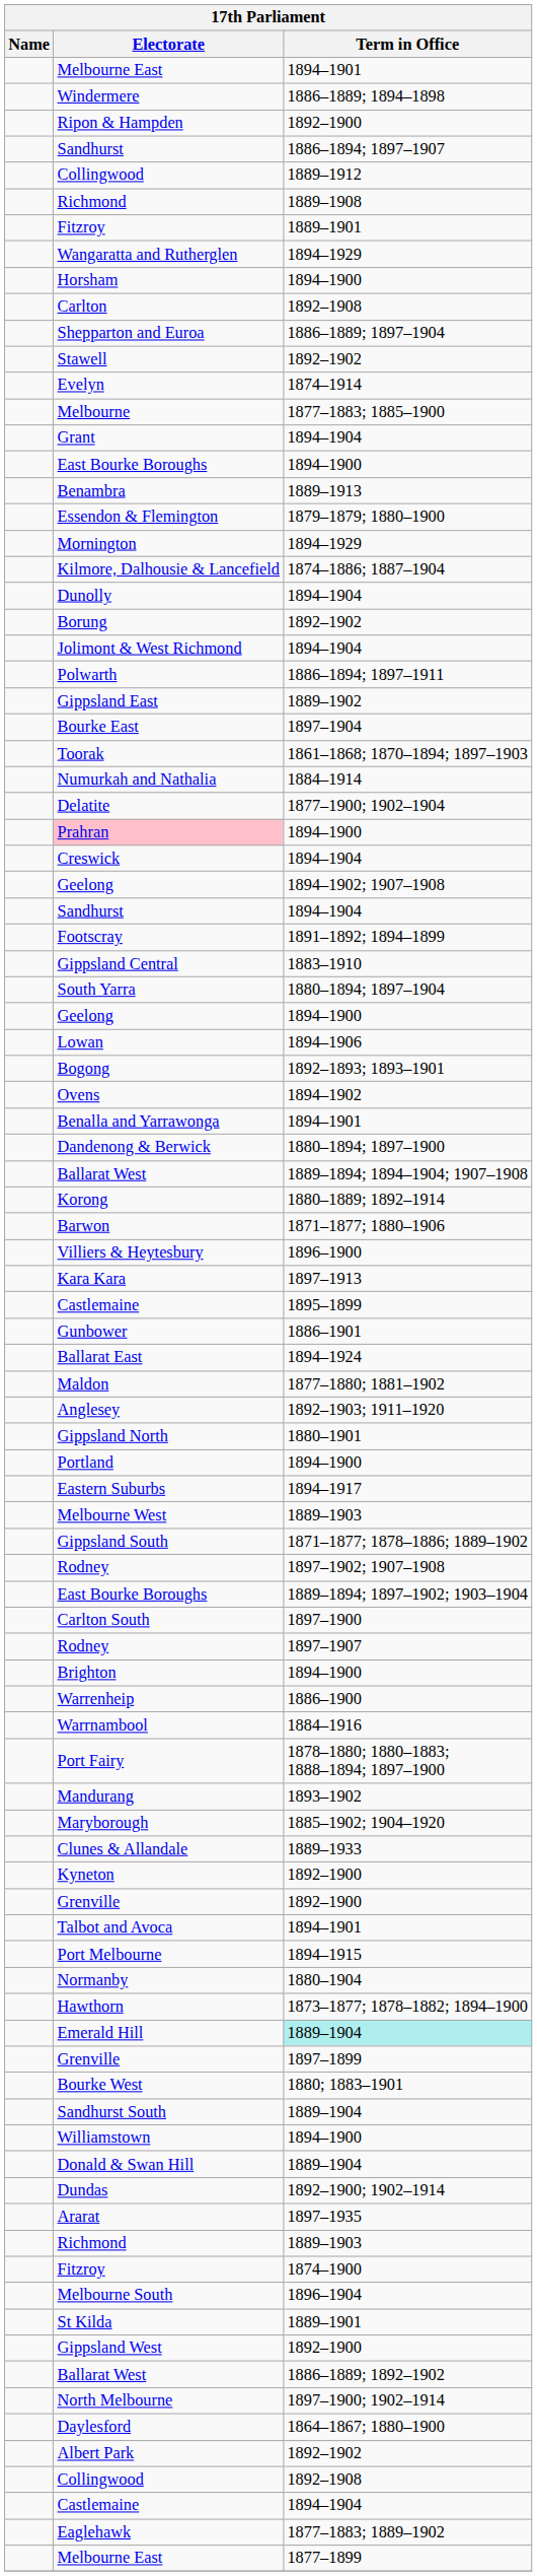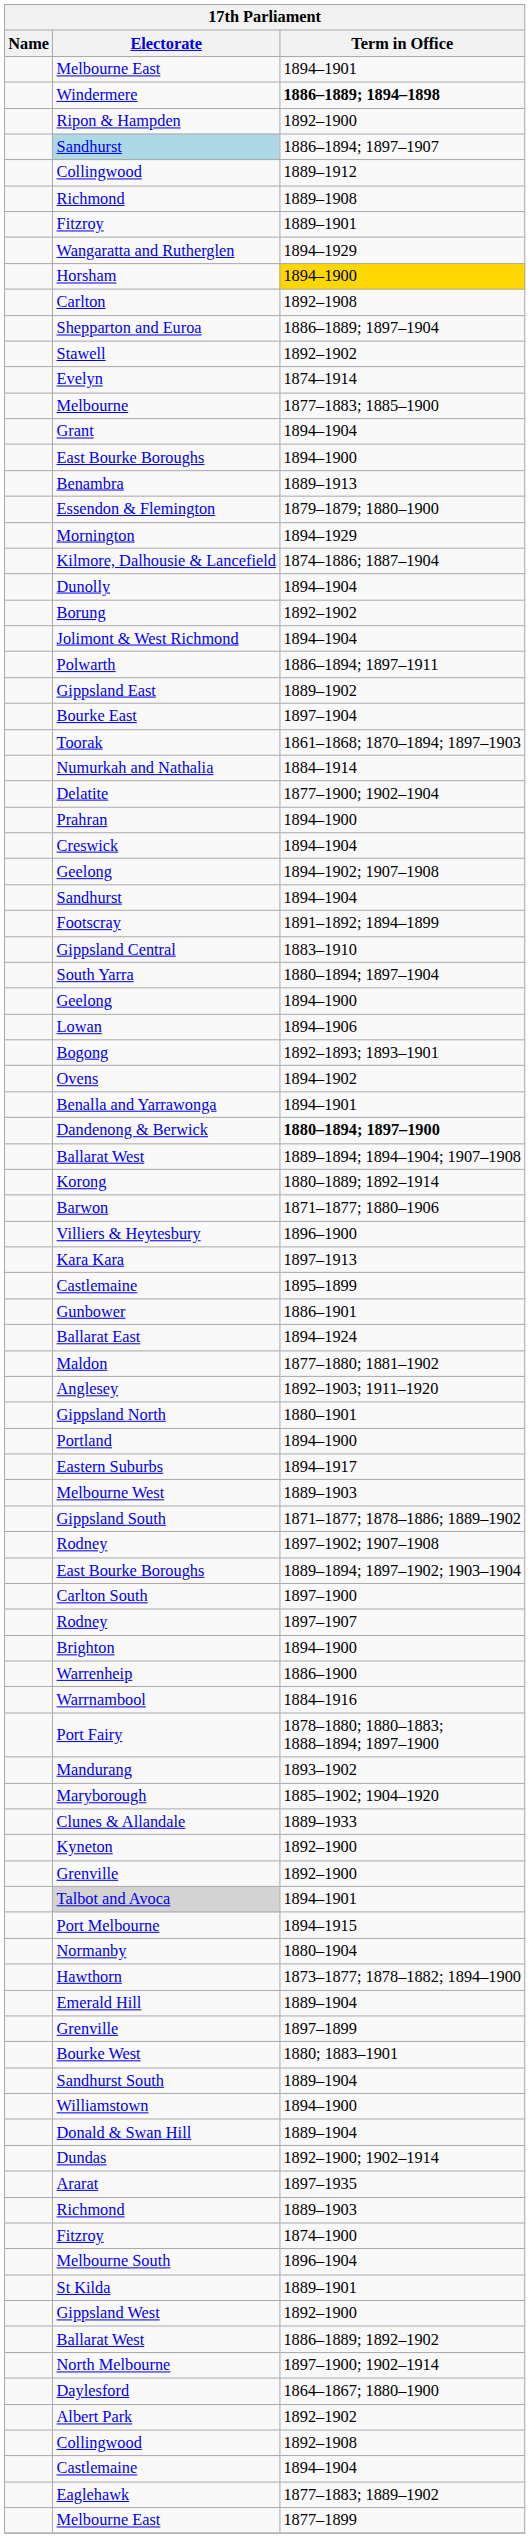 <table class="wikitable sortable">
 <tr>
 <th colspan= 4>17th Parliament</th>
 </tr>
 <tr>
 <th>Name</th>
 <th><a href='#'>Electorate</a></th>
 <th>Term in Office</th>
 </tr>
 <tr>
 <td></td>
 <td><a href='#'>Melbourne East</a></td>
 <td>1894–1901</td>
 </tr>
 <tr>
 <td> </td>
 <td><a href='#'>Windermere</a></td>
-<td>1886–1889; 1894–1898</td>
+<td><strong>1886–1889; 1894–1898</strong></td>
 </tr>
 <tr>
 <td></td>
 <td><a href='#'>Ripon & Hampden</a></td>
 <td>1892–1900</td>
 </tr>
 <tr>
 <td></td>
-<td><a href='#'>Sandhurst</a></td>
+<td style="background: lightblue;"><a href='#'>Sandhurst</a></td>
 <td>1886–1894; 1897–1907</td>
 </tr>
 <tr>
 <td></td>
 <td><a href='#'>Collingwood</a></td>
 <td>1889–1912</td>
 </tr>
 <tr>
 <td></td>
 <td><a href='#'>Richmond</a></td>
 <td>1889–1908</td>
 </tr>
 <tr>
 <td></td>
 <td><a href='#'>Fitzroy</a></td>
 <td>1889–1901</td>
 </tr>
 <tr>
 <td></td>
 <td><a href='#'>Wangaratta and Rutherglen</a></td>
 <td>1894–1929</td>
 </tr>
 <tr>
 <td></td>
 <td><a href='#'>Horsham</a></td>
-<td>1894–1900</td>
+<td style="background: gold;">1894–1900</td>
 </tr>
 <tr>
 <td></td>
 <td><a href='#'>Carlton</a></td>
 <td>1892–1908</td>
 </tr>
 <tr>
 <td></td>
 <td><a href='#'>Shepparton and Euroa</a></td>
 <td>1886–1889; 1897–1904</td>
 </tr>
 <tr>
 <td></td>
 <td><a href='#'>Stawell</a></td>
 <td>1892–1902</td>
 </tr>
 <tr>
 <td></td>
 <td><a href='#'>Evelyn</a></td>
 <td>1874–1914</td>
 </tr>
 <tr>
 <td></td>
 <td><a href='#'>Melbourne</a></td>
 <td>1877–1883; 1885–1900</td>
 </tr>
 <tr>
 <td></td>
 <td><a href='#'>Grant</a></td>
 <td>1894–1904</td>
 </tr>
 <tr>
 <td></td>
 <td><a href='#'>East Bourke Boroughs</a></td>
 <td>1894–1900</td>
 </tr>
 <tr>
 <td></td>
 <td><a href='#'>Benambra</a></td>
 <td>1889–1913</td>
 </tr>
 <tr>
 <td></td>
 <td><a href='#'>Essendon & Flemington</a></td>
 <td>1879–1879; 1880–1900</td>
 </tr>
 <tr>
 <td></td>
 <td><a href='#'>Mornington</a></td>
 <td>1894–1929</td>
 </tr>
 <tr>
 <td></td>
 <td><a href='#'>Kilmore, Dalhousie & Lancefield</a></td>
 <td>1874–1886; 1887–1904</td>
 </tr>
 <tr>
 <td></td>
 <td><a href='#'>Dunolly</a></td>
 <td>1894–1904</td>
 </tr>
 <tr>
 <td></td>
 <td><a href='#'>Borung</a></td>
 <td>1892–1902</td>
 </tr>
 <tr>
 <td></td>
 <td><a href='#'>Jolimont & West Richmond</a></td>
 <td>1894–1904</td>
 </tr>
 <tr>
 <td></td>
 <td><a href='#'>Polwarth</a></td>
 <td>1886–1894; 1897–1911</td>
 </tr>
 <tr>
 <td></td>
 <td><a href='#'>Gippsland East</a></td>
 <td>1889–1902</td>
 </tr>
 <tr>
 <td></td>
 <td><a href='#'>Bourke East</a></td>
 <td>1897–1904</td>
 </tr>
 <tr>
 <td></td>
 <td><a href='#'>Toorak</a></td>
 <td>1861–1868; 1870–1894; 1897–1903</td>
 </tr>
 <tr>
 <td></td>
 <td><a href='#'>Numurkah and Nathalia</a></td>
 <td>1884–1914</td>
 </tr>
 <tr>
 <td></td>
 <td><a href='#'>Delatite</a></td>
 <td>1877–1900; 1902–1904</td>
 </tr>
 <tr>
 <td></td>
-<td style="background: pink;"><a href='#'>Prahran</a></td>
+<td><a href='#'>Prahran</a></td>
 <td>1894–1900</td>
 </tr>
 <tr>
 <td></td>
 <td><a href='#'>Creswick</a></td>
 <td>1894–1904</td>
 </tr>
 <tr>
 <td></td>
 <td><a href='#'>Geelong</a></td>
 <td>1894–1902; 1907–1908</td>
 </tr>
 <tr>
 <td></td>
 <td><a href='#'>Sandhurst</a></td>
 <td>1894–1904</td>
 </tr>
 <tr>
 <td> </td>
 <td><a href='#'>Footscray</a></td>
 <td>1891–1892; 1894–1899</td>
 </tr>
 <tr>
 <td></td>
 <td><a href='#'>Gippsland Central</a></td>
 <td>1883–1910</td>
 </tr>
 <tr>
 <td></td>
 <td><a href='#'>South Yarra</a></td>
 <td>1880–1894; 1897–1904</td>
 </tr>
 <tr>
 <td></td>
 <td><a href='#'>Geelong</a></td>
 <td>1894–1900</td>
 </tr>
 <tr>
 <td></td>
 <td><a href='#'>Lowan</a></td>
 <td>1894–1906</td>
 </tr>
 <tr>
 <td></td>
 <td><a href='#'>Bogong</a></td>
 <td>1892–1893; 1893–1901</td>
 </tr>
 <tr>
 <td></td>
 <td><a href='#'>Ovens</a></td>
 <td>1894–1902</td>
 </tr>
 <tr>
 <td></td>
 <td><a href='#'>Benalla and Yarrawonga</a></td>
 <td>1894–1901</td>
 </tr>
 <tr>
 <td></td>
 <td><a href='#'>Dandenong & Berwick</a></td>
-<td>1880–1894; 1897–1900</td>
+<td><strong>1880–1894; 1897–1900</strong></td>
 </tr>
 <tr>
 <td></td>
 <td><a href='#'>Ballarat West</a></td>
 <td>1889–1894; 1894–1904; 1907–1908</td>
 </tr>
 <tr>
 <td></td>
 <td><a href='#'>Korong</a></td>
 <td>1880–1889; 1892–1914</td>
 </tr>
 <tr>
 <td></td>
 <td><a href='#'>Barwon</a></td>
 <td>1871–1877; 1880–1906</td>
 </tr>
 <tr>
 <td></td>
 <td><a href='#'>Villiers & Heytesbury</a></td>
 <td>1896–1900</td>
 </tr>
 <tr>
 <td></td>
 <td><a href='#'>Kara Kara</a></td>
 <td>1897–1913</td>
 </tr>
 <tr>
 <td> </td>
 <td><a href='#'>Castlemaine</a></td>
 <td>1895–1899</td>
 </tr>
 <tr>
 <td></td>
 <td><a href='#'>Gunbower</a></td>
 <td>1886–1901</td>
 </tr>
 <tr>
 <td></td>
 <td><a href='#'>Ballarat East</a></td>
 <td>1894–1924</td>
 </tr>
 <tr>
 <td></td>
 <td><a href='#'>Maldon</a></td>
 <td>1877–1880; 1881–1902</td>
 </tr>
 <tr>
 <td></td>
 <td><a href='#'>Anglesey</a></td>
 <td>1892–1903; 1911–1920</td>
 </tr>
 <tr>
 <td></td>
 <td><a href='#'>Gippsland North</a></td>
 <td>1880–1901</td>
 </tr>
 <tr>
 <td></td>
 <td><a href='#'>Portland</a></td>
 <td>1894–1900</td>
 </tr>
 <tr>
 <td></td>
 <td><a href='#'>Eastern Suburbs</a></td>
 <td>1894–1917</td>
 </tr>
 <tr>
 <td></td>
 <td><a href='#'>Melbourne West</a></td>
 <td>1889–1903</td>
 </tr>
 <tr>
 <td></td>
 <td><a href='#'>Gippsland South</a></td>
 <td>1871–1877; 1878–1886; 1889–1902</td>
 </tr>
 <tr>
 <td></td>
 <td><a href='#'>Rodney</a></td>
 <td>1897–1902; 1907–1908</td>
 </tr>
 <tr>
 <td></td>
 <td><a href='#'>East Bourke Boroughs</a></td>
 <td>1889–1894; 1897–1902; 1903–1904</td>
 </tr>
 <tr>
 <td></td>
 <td><a href='#'>Carlton South</a></td>
 <td>1897–1900</td>
 </tr>
 <tr>
 <td></td>
 <td><a href='#'>Rodney</a></td>
 <td>1897–1907</td>
 </tr>
 <tr>
 <td></td>
 <td><a href='#'>Brighton</a></td>
 <td>1894–1900</td>
 </tr>
 <tr>
 <td> </td>
 <td><a href='#'>Warrenheip</a></td>
 <td>1886–1900</td>
 </tr>
 <tr>
 <td></td>
 <td><a href='#'>Warrnambool</a></td>
 <td>1884–1916</td>
 </tr>
 <tr>
 <td></td>
 <td><a href='#'>Port Fairy</a></td>
 <td>1878–1880; 1880–1883;<br>1888–1894; 1897–1900</td>
 </tr>
 <tr>
 <td></td>
 <td><a href='#'>Mandurang</a></td>
 <td>1893–1902</td>
 </tr>
 <tr>
 <td></td>
 <td><a href='#'>Maryborough</a></td>
 <td>1885–1902; 1904–1920</td>
 </tr>
 <tr>
 <td></td>
 <td><a href='#'>Clunes & Allandale</a></td>
 <td>1889–1933</td>
 </tr>
 <tr>
 <td></td>
 <td><a href='#'>Kyneton</a></td>
 <td>1892–1900</td>
 </tr>
 <tr>
 <td></td>
 <td><a href='#'>Grenville</a></td>
 <td>1892–1900</td>
 </tr>
 <tr>
 <td></td>
-<td><a href='#'>Talbot and Avoca</a></td>
+<td style="background: lightgrey;"><a href='#'>Talbot and Avoca</a></td>
 <td>1894–1901</td>
 </tr>
 <tr>
 <td></td>
 <td><a href='#'>Port Melbourne</a></td>
 <td>1894–1915</td>
 </tr>
 <tr>
 <td></td>
 <td><a href='#'>Normanby</a></td>
 <td>1880–1904</td>
 </tr>
 <tr>
 <td></td>
 <td><a href='#'>Hawthorn</a></td>
 <td>1873–1877; 1878–1882; 1894–1900</td>
 </tr>
 <tr>
 <td></td>
 <td><a href='#'>Emerald Hill</a></td>
-<td style="background: paleturquoise;">1889–1904</td>
+<td>1889–1904</td>
 </tr>
 <tr>
 <td> </td>
 <td><a href='#'>Grenville</a></td>
 <td>1897–1899</td>
 </tr>
 <tr>
 <td></td>
 <td><a href='#'>Bourke West</a></td>
 <td>1880; 1883–1901</td>
 </tr>
 <tr>
 <td></td>
 <td><a href='#'>Sandhurst South</a></td>
 <td>1889–1904</td>
 </tr>
 <tr>
 <td></td>
 <td><a href='#'>Williamstown</a></td>
 <td>1894–1900</td>
 </tr>
 <tr>
 <td></td>
 <td><a href='#'>Donald & Swan Hill</a></td>
 <td>1889–1904</td>
 </tr>
 <tr>
 <td></td>
 <td><a href='#'>Dundas</a></td>
 <td>1892–1900; 1902–1914</td>
 </tr>
 <tr>
 <td></td>
 <td><a href='#'>Ararat</a></td>
 <td>1897–1935</td>
 </tr>
 <tr>
 <td></td>
 <td><a href='#'>Richmond</a></td>
 <td>1889–1903</td>
 </tr>
 <tr>
 <td></td>
 <td><a href='#'>Fitzroy</a></td>
 <td>1874–1900</td>
 </tr>
 <tr>
 <td></td>
 <td><a href='#'>Melbourne South</a></td>
 <td>1896–1904</td>
 </tr>
 <tr>
 <td></td>
 <td><a href='#'>St Kilda</a></td>
 <td>1889–1901</td>
 </tr>
 <tr>
 <td></td>
 <td><a href='#'>Gippsland West</a></td>
 <td>1892–1900</td>
 </tr>
 <tr>
 <td></td>
 <td><a href='#'>Ballarat West</a></td>
 <td>1886–1889; 1892–1902</td>
 </tr>
 <tr>
 <td></td>
 <td><a href='#'>North Melbourne</a></td>
 <td>1897–1900; 1902–1914</td>
 </tr>
 <tr>
 <td></td>
 <td><a href='#'>Daylesford</a></td>
 <td>1864–1867; 1880–1900</td>
 </tr>
 <tr>
 <td></td>
 <td><a href='#'>Albert Park</a></td>
 <td>1892–1902</td>
 </tr>
 <tr>
 <td></td>
 <td><a href='#'>Collingwood</a></td>
 <td>1892–1908</td>
 </tr>
 <tr>
 <td></td>
 <td><a href='#'>Castlemaine</a></td>
 <td>1894–1904</td>
 </tr>
 <tr>
 <td></td>
 <td><a href='#'>Eaglehawk</a></td>
 <td>1877–1883; 1889–1902</td>
 </tr>
 <tr>
 <td> </td>
 <td><a href='#'>Melbourne East</a></td>
 <td>1877–1899</td>
 </tr>
 <tr>
 </tr>
 </table>
